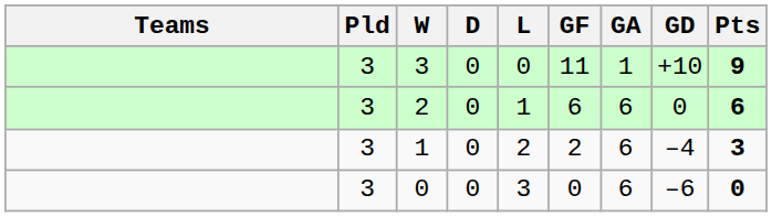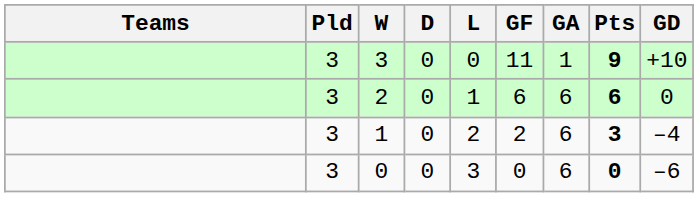 <table class="wikitable" style="text-align: center;">
 <tr>
 <th width=165>Teams</th>
 <th width=20>Pld</th>
 <th width=20>W</th>
 <th width=20>D</th>
 <th width=20>L</th>
 <th width=20>GF</th>
 <th width=20>GA</th>
+<th width=20>Pts</th>
 <th width=20>GD</th>
-<th width=20>Pts</th>
 </tr>
 <tr align=center style="background:#ccffcc;">
 <td style="text-align:left;"></td>
 <td>3</td>
 <td>3</td>
 <td>0</td>
 <td>0</td>
 <td>11</td>
 <td>1</td>
+<td><strong>9</strong></td>
 <td>+10</td>
-<td><strong>9</strong></td>
 </tr>
 <tr align=center style="background:#ccffcc;">
 <td style="text-align:left;"></td>
 <td>3</td>
 <td>2</td>
 <td>0</td>
 <td>1</td>
 <td>6</td>
 <td>6</td>
+<td><strong>6</strong></td>
 <td>0</td>
-<td><strong>6</strong></td>
 </tr>
 <tr align=center>
 <td style="text-align:left;"></td>
 <td>3</td>
 <td>1</td>
 <td>0</td>
 <td>2</td>
 <td>2</td>
 <td>6</td>
+<td><strong>3</strong></td>
 <td>–4</td>
-<td><strong>3</strong></td>
 </tr>
 <tr align=center>
 <td style="text-align:left;"></td>
 <td>3</td>
 <td>0</td>
 <td>0</td>
 <td>3</td>
 <td>0</td>
 <td>6</td>
+<td><strong>0</strong></td>
 <td>–6</td>
-<td><strong>0</strong></td>
 </tr>
 </table>
